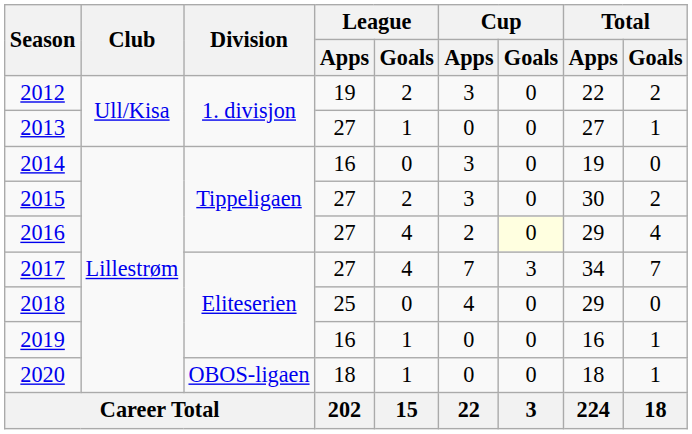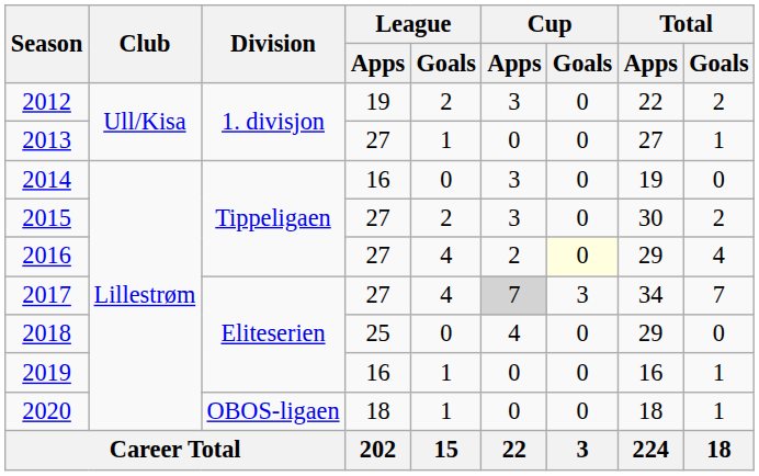 <table class="wikitable" style="text-align: center;">
 <tr>
 <th rowspan="2">Season</th>
 <th rowspan="2">Club</th>
 <th rowspan="2">Division</th>
 <th colspan="2">League</th>
 <th colspan="2">Cup</th>
 <th colspan="2">Total</th>
 </tr>
 <tr>
 <th>Apps</th>
 <th>Goals</th>
 <th>Apps</th>
 <th>Goals</th>
 <th>Apps</th>
 <th>Goals</th>
 </tr>
 <tr>
 <td><a href='#'>2012</a></td>
 <td rowspan="2" valign="center"><a href='#'>Ull/Kisa</a></td>
 <td rowspan="2" valign="center"><a href='#'>1. divisjon</a></td>
 <td>19</td>
 <td>2</td>
 <td>3</td>
 <td>0</td>
 <td>22</td>
 <td>2</td>
 </tr>
 <tr>
 <td><a href='#'>2013</a></td>
 <td>27</td>
 <td>1</td>
 <td>0</td>
 <td>0</td>
 <td>27</td>
 <td>1</td>
 </tr>
 <tr>
 <td><a href='#'>2014</a></td>
 <td rowspan="7" valign="center"><a href='#'>Lillestrøm</a></td>
 <td rowspan="3" valign="center"><a href='#'>Tippeligaen</a></td>
 <td>16</td>
 <td>0</td>
 <td>3</td>
 <td>0</td>
 <td>19</td>
 <td>0</td>
 </tr>
 <tr>
 <td><a href='#'>2015</a></td>
 <td>27</td>
 <td>2</td>
 <td>3</td>
 <td>0</td>
 <td>30</td>
 <td>2</td>
 </tr>
 <tr>
 <td><a href='#'>2016</a></td>
 <td>27</td>
 <td>4</td>
 <td>2</td>
 <td style="background: lightyellow;">0</td>
 <td>29</td>
 <td>4</td>
 </tr>
 <tr>
 <td><a href='#'>2017</a></td>
 <td rowspan="3" valign="center"><a href='#'>Eliteserien</a></td>
 <td>27</td>
 <td>4</td>
-<td>7</td>
+<td style="background: lightgrey;">7</td>
 <td>3</td>
 <td>34</td>
 <td>7</td>
 </tr>
 <tr>
 <td><a href='#'>2018</a></td>
 <td>25</td>
 <td>0</td>
 <td>4</td>
 <td>0</td>
 <td>29</td>
 <td>0</td>
 </tr>
 <tr>
 <td><a href='#'>2019</a></td>
 <td>16</td>
 <td>1</td>
 <td>0</td>
 <td>0</td>
 <td>16</td>
 <td>1</td>
 </tr>
 <tr>
 <td><a href='#'>2020</a></td>
 <td rowspan="1" valign="center"><a href='#'>OBOS-ligaen</a></td>
 <td>18</td>
 <td>1</td>
 <td>0</td>
 <td>0</td>
 <td>18</td>
 <td>1</td>
 </tr>
 <tr>
 <th colspan="3">Career Total</th>
 <th>202</th>
 <th>15</th>
 <th>22</th>
 <th>3</th>
 <th>224</th>
 <th>18</th>
 </tr>
 </table>
